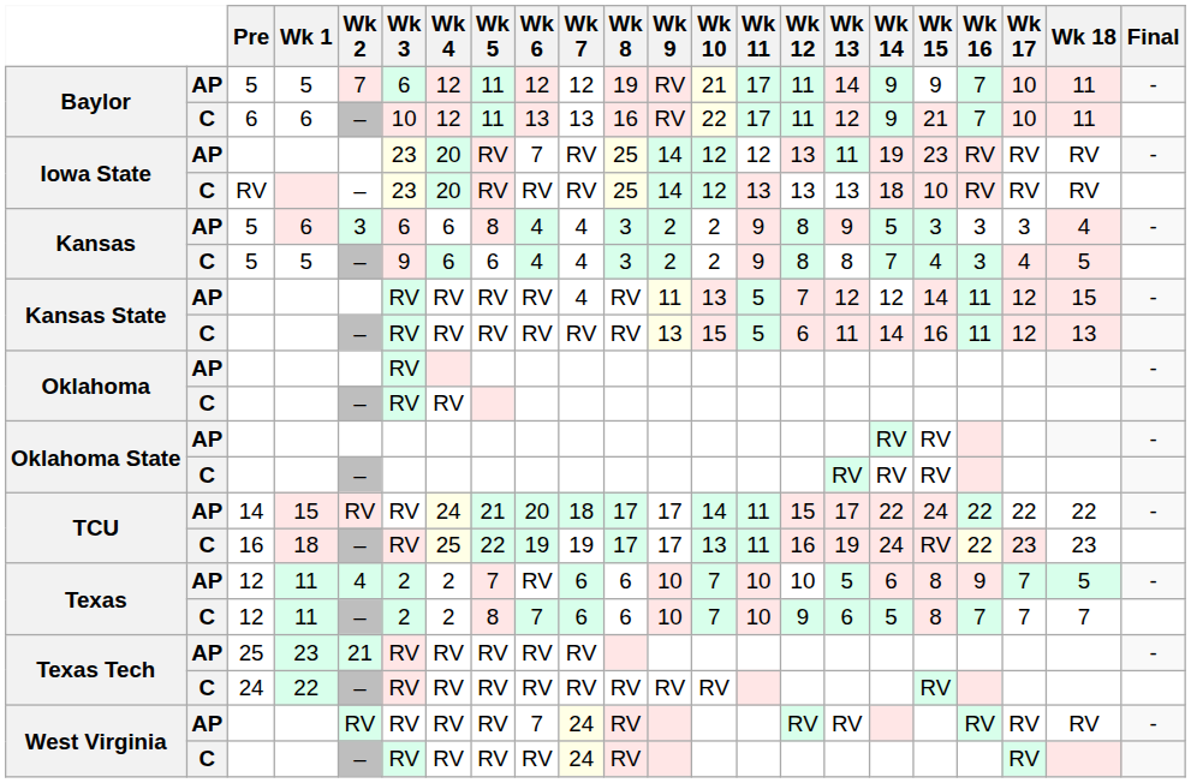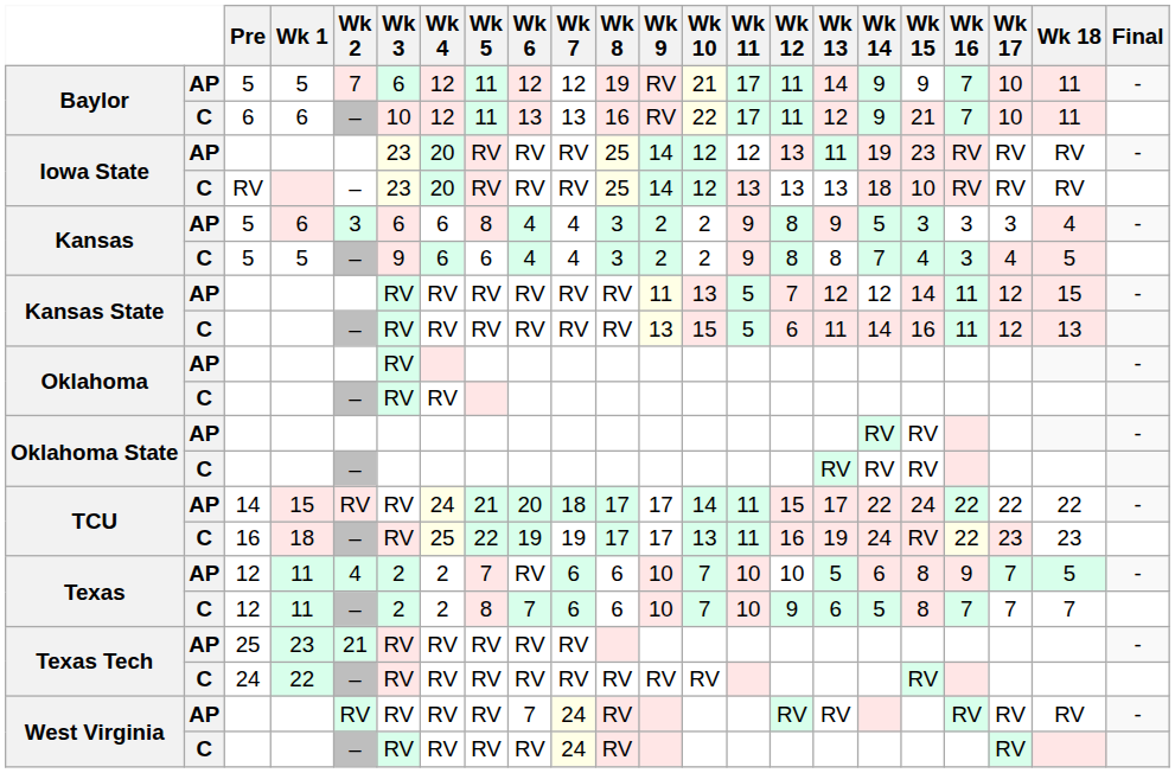 <table class="wikitable" style="white-space:nowrap;font-size:90%;">
 <tr>
 <th colspan="2" style="background:white; border-top-style:hidden; border-left-style:hidden;"> </th>
 <th>Pre</th>
 <th>Wk 1</th>
 <th>Wk<br>2</th>
 <th>Wk<br>3</th>
 <th>Wk<br>4</th>
 <th>Wk<br>5</th>
 <th>Wk<br>6</th>
 <th>Wk<br>7</th>
 <th>Wk<br>8</th>
 <th>Wk<br>9</th>
 <th>Wk<br>10</th>
 <th>Wk<br>11</th>
 <th>Wk<br>12</th>
 <th>Wk<br>13</th>
 <th>Wk<br>14</th>
 <th>Wk<br>15</th>
 <th>Wk<br>16</th>
 <th>Wk<br>17</th>
 <th>Wk 18</th>
 <th>Final</th>
 </tr>
 <tr style="text-align:center;">
 <th rowspan="2">Baylor</th>
 <th>AP</th>
 <td style="background:#FFF;">5</td>
 <td style="background:#FFF;">5</td>
 <td style="background:#FFE6E6;">7</td>
 <td style="background:#D8FFEB;">6</td>
 <td style="background:#FFE6E6;">12</td>
 <td style="background:#D8FFEB;">11</td>
 <td style="background:#FFE6E6;">12</td>
 <td style="background:#FFF;">12</td>
 <td style="background:#FFE6E6;">19</td>
 <td style="background:#FFE6E6;">RV</td>
 <td style="background:#FFFFE6;">21</td>
 <td style="background:#D8FFEB;">17</td>
 <td style="background:#D8FFEB;">11</td>
 <td style="background:#FFE6E6;">14</td>
 <td style="background:#D8FFEB;">9</td>
 <td style="background:#FFF;">9</td>
 <td style="background:#D8FFEB;">7</td>
 <td style="background:#FFE6E6;">10</td>
 <td style="background:#FFE6E6;">11</td>
 <td>-</td>
 </tr>
 <tr style="text-align:center;">
 <th>C</th>
 <td style="background:#FFF;">6</td>
 <td style="background:#FFF;">6</td>
 <td style="background:#BEBEBE;">–</td>
 <td style="background:#FFE6E6;">10</td>
 <td style="background:#FFE6E6;">12</td>
 <td style="background:#D8FFEB;">11</td>
 <td style="background:#FFE6E6;">13</td>
 <td style="background:#FFF;">13</td>
 <td style="background:#FFE6E6;">16</td>
 <td style="background:#FFE6E6;">RV</td>
 <td style="background:#FFFFE6;">22</td>
 <td style="background:#D8FFEB;">17</td>
 <td style="background:#D8FFEB;">11</td>
 <td style="background:#FFE6E6;">12</td>
 <td style="background:#D8FFEB;">9</td>
 <td style="background:#FFE6E6;">21</td>
 <td style="background:#D8FFEB;">7</td>
 <td style="background:#FFE6E6;">10</td>
 <td style="background:#FFE6E6;">11</td>
 <td style="background:#FFF;"></td>
 </tr>
 <tr style="text-align:center;">
 <th rowspan="2">Iowa State</th>
 <th>AP</th>
 <td style="background:#FFF;"></td>
 <td style="background:#FFF;"></td>
 <td style="background:#FFF;"></td>
 <td style="background:#FFFFE6;">23</td>
 <td style="background:#D8FFEB;">20</td>
 <td style="background:#FFE6E6;">RV</td>
-<td style="background:#FFF;">7</td>
+<td style="background:#FFF;">RV</td>
 <td style="background:#FFF;">RV</td>
 <td style="background:#FFFFE6;">25</td>
 <td style="background:#D8FFEB;">14</td>
 <td style="background:#D8FFEB;">12</td>
 <td style="background:#FFF;">12</td>
 <td style="background:#FFE6E6;">13</td>
 <td style="background:#D8FFEB;">11</td>
 <td style="background:#FFE6E6;">19</td>
 <td style="background:#FFE6E6;">23</td>
 <td style="background:#FFE6E6;">RV</td>
 <td style="background:#FFF;">RV</td>
 <td style="background:#FFF;">RV</td>
 <td>-</td>
 </tr>
 <tr style="text-align:center;">
 <th>C</th>
 <td style="background:#FFF;">RV</td>
 <td style="background:#FFE6E6;"></td>
 <td style="background:#FFF;">–</td>
 <td style="background:#FFFFE6;">23</td>
 <td style="background:#D8FFEB;">20</td>
 <td style="background:#FFE6E6;">RV</td>
 <td style="background:#FFF;">RV</td>
 <td style="background:#FFF;">RV</td>
 <td style="background:#FFFFE6;">25</td>
 <td style="background:#D8FFEB;">14</td>
 <td style="background:#D8FFEB;">12</td>
 <td style="background:#FFE6E6;">13</td>
 <td style="background:#FFF;">13</td>
 <td style="background:#FFF;">13</td>
 <td style="background:#FFE6E6;">18</td>
 <td style="background:#FFE6E6;">10</td>
 <td style="background:#FFE6E6;">RV</td>
 <td style="background:#FFF;">RV</td>
 <td style="background:#FFF;">RV</td>
 <td style="background:#FFF;"></td>
 </tr>
 <tr style="text-align:center;">
 <th rowspan="2">Kansas</th>
 <th>AP</th>
 <td style="background:#FFF;">5</td>
 <td style="background:#FFE6E6;">6</td>
 <td style="background:#D8FFEB;">3</td>
 <td style="background:#FFE6E6;">6</td>
 <td style="background:#FFF;">6</td>
 <td style="background:#FFE6E6;">8</td>
 <td style="background:#D8FFEB;">4</td>
 <td style="background:#FFF;">4</td>
 <td style="background:#D8FFEB;">3</td>
 <td style="background:#D8FFEB;">2</td>
 <td style="background:#FFF;">2</td>
 <td style="background:#FFE6E6;">9</td>
 <td style="background:#D8FFEB;">8</td>
 <td style="background:#FFE6E6;">9</td>
 <td style="background:#D8FFEB;">5</td>
 <td style="background:#D8FFEB;">3</td>
 <td style="background:#FFF;">3</td>
 <td style="background:#FFF;">3</td>
 <td style="background:#FFE6E6;">4</td>
 <td>-</td>
 </tr>
 <tr style="text-align:center;">
 <th>C</th>
 <td style="background:#FFF;">5</td>
 <td style="background:#FFF;">5</td>
 <td style="background:#BEBEBE;">–</td>
 <td style="background:#FFE6E6;">9</td>
 <td style="background:#D8FFEB;">6</td>
 <td style="background:#FFF;">6</td>
 <td style="background:#D8FFEB;">4</td>
 <td style="background:#FFF;">4</td>
 <td style="background:#D8FFEB;">3</td>
 <td style="background:#D8FFEB;">2</td>
 <td style="background:#FFF;">2</td>
 <td style="background:#FFE6E6;">9</td>
 <td style="background:#D8FFEB;">8</td>
 <td style="background:#FFF;">8</td>
 <td style="background:#D8FFEB;">7</td>
 <td style="background:#D8FFEB;">4</td>
 <td style="background:#D8FFEB;">3</td>
 <td style="background:#FFE6E6;">4</td>
 <td style="background:#FFE6E6;">5</td>
 <td style="background:#FFF;"></td>
 </tr>
 <tr style="text-align:center;">
 <th rowspan="2">Kansas State</th>
 <th>AP</th>
 <td style="background:#FFF;"></td>
 <td style="background:#FFF;"></td>
 <td style="background:#FFF;"></td>
 <td style="background:#D8FFEB;">RV</td>
 <td style="background:#FFF;">RV</td>
 <td style="background:#FFF;">RV</td>
 <td style="background:#FFF;">RV</td>
-<td style="background:#FFF;">4</td>
+<td style="background:#FFF;">RV</td>
 <td style="background:#FFF;">RV</td>
 <td style="background:#FFFFE6;">11</td>
 <td style="background:#FFE6E6;">13</td>
 <td style="background:#D8FFEB;">5</td>
 <td style="background:#FFE6E6;">7</td>
 <td style="background:#FFE6E6;">12</td>
 <td style="background:#FFF;">12</td>
 <td style="background:#FFE6E6;">14</td>
 <td style="background:#D8FFEB;">11</td>
 <td style="background:#FFE6E6;">12</td>
 <td style="background:#FFE6E6;">15</td>
 <td>-</td>
 </tr>
 <tr style="text-align:center;">
 <th>C</th>
 <td style="background:#FFF;"></td>
 <td style="background:#FFF;"></td>
 <td style="background:#BEBEBE;">–</td>
 <td style="background:#D8FFEB;">RV</td>
 <td style="background:#FFF;">RV</td>
 <td style="background:#FFF;">RV</td>
 <td style="background:#FFF;">RV</td>
 <td style="background:#FFF;">RV</td>
 <td style="background:#FFF;">RV</td>
 <td style="background:#FFFFE6;">13</td>
 <td style="background:#FFE6E6;">15</td>
 <td style="background:#D8FFEB;">5</td>
 <td style="background:#FFE6E6;">6</td>
 <td style="background:#FFE6E6;">11</td>
 <td style="background:#FFE6E6;">14</td>
 <td style="background:#FFE6E6;">16</td>
 <td style="background:#D8FFEB;">11</td>
 <td style="background:#FFE6E6;">12</td>
 <td style="background:#FFE6E6;">13</td>
 <td></td>
 </tr>
 <tr style="text-align:center;">
 <th rowspan="2">Oklahoma</th>
 <th>AP</th>
 <td style="background:#FFF;"></td>
 <td style="background:#FFF;"></td>
 <td style="background:#FFF;"></td>
 <td style="background:#D8FFEB;">RV</td>
 <td style="background:#FFE6E6;"></td>
 <td style="background:#FFF;"></td>
 <td style="background:#FFF;"></td>
 <td style="background:#FFF;"></td>
 <td style="background:#FFF;"></td>
 <td style="background:#FFF;"></td>
 <td style="background:#FFF;"></td>
 <td style="background:#FFF;"></td>
 <td style="background:#FFF;"></td>
 <td style="background:#FFF;"></td>
 <td style="background:#FFF;"></td>
 <td style="background:#FFF;"></td>
 <td style="background:#FFF;"></td>
 <td style="background:#FFF;"></td>
 <td></td>
 <td>-</td>
 </tr>
 <tr style="text-align:center;">
 <th>C</th>
 <td style="background:#FFF;"></td>
 <td style="background:#FFF;"></td>
 <td style="background:#BEBEBE;">–</td>
 <td style="background:#D8FFEB;">RV</td>
 <td style="background:#FFF;">RV</td>
 <td style="background:#FFE6E6;"></td>
 <td style="background:#FFF;"></td>
 <td style="background:#FFF;"></td>
 <td style="background:#FFF;"></td>
 <td style="background:#FFF;"></td>
 <td style="background:#FFF;"></td>
 <td style="background:#FFF;"></td>
 <td style="background:#FFF;"></td>
 <td style="background:#FFF;"></td>
 <td style="background:#FFF;"></td>
 <td style="background:#FFF;"></td>
 <td style="background:#FFF;"></td>
 <td style="background:#FFF;"></td>
 <td style="background:#FFF;"></td>
 <td></td>
 </tr>
 <tr style="text-align:center;">
 <th rowspan="2">Oklahoma State</th>
 <th>AP</th>
 <td style="background:#FFF;"></td>
 <td style="background:#FFF;"></td>
 <td style="background:#FFF;"></td>
 <td style="background:#FFF;"></td>
 <td style="background:#FFF;"></td>
 <td style="background:#FFF;"></td>
 <td style="background:#FFF;"></td>
 <td style="background:#FFF;"></td>
 <td style="background:#FFF;"></td>
 <td style="background:#FFF;"></td>
 <td style="background:#FFF;"></td>
 <td style="background:#FFF;"></td>
 <td style="background:#FFF;"></td>
 <td style="background:#FFF;"></td>
 <td style="background:#D8FFEB;">RV</td>
 <td style="background:#FFF;">RV</td>
 <td style="background:#FFE6E6;"></td>
 <td style="background:#FFF;"></td>
 <td></td>
 <td>-</td>
 </tr>
 <tr style="text-align:center;">
 <th>C</th>
 <td style="background:#FFF;"></td>
 <td style="background:#FFF;"></td>
 <td style="background:#BEBEBE;">–</td>
 <td style="background:#FFF;"></td>
 <td style="background:#FFF;"></td>
 <td style="background:#FFF;"></td>
 <td style="background:#FFF;"></td>
 <td style="background:#FFF;"></td>
 <td style="background:#FFF;"></td>
 <td style="background:#FFF;"></td>
 <td style="background:#FFF;"></td>
 <td style="background:#FFF;"></td>
 <td style="background:#FFF;"></td>
 <td style="background:#D8FFEB;">RV</td>
 <td style="background:#FFF;">RV</td>
 <td style="background:#FFF;">RV</td>
 <td style="background:#FFE6E6;"></td>
 <td style="background:#FFF;"></td>
 <td style="background:#FFF;"></td>
 <td></td>
 </tr>
 <tr style="text-align:center;">
 <th rowspan="2">TCU</th>
 <th>AP</th>
 <td style="background:#FFF;">14</td>
 <td style="background:#FFE6E6;">15</td>
 <td style="background:#FFE6E6;">RV</td>
 <td style="background:#FFF;">RV</td>
 <td style="background:#FFFFE6;">24</td>
 <td style="background:#D8FFEB;">21</td>
 <td style="background:#D8FFEB;">20</td>
 <td style="background:#D8FFEB;">18</td>
 <td style="background:#D8FFEB;">17</td>
 <td style="background:#FFF;">17</td>
 <td style="background:#D8FFEB;">14</td>
 <td style="background:#D8FFEB;">11</td>
 <td style="background:#FFE6E6;">15</td>
 <td style="background:#FFE6E6;">17</td>
 <td style="background:#FFE6E6;">22</td>
 <td style="background:#FFE6E6;">24</td>
 <td style="background:#D8FFEB;">22</td>
 <td style="background:#FFF;">22</td>
 <td style="background:#FFF;">22</td>
 <td>-</td>
 </tr>
 <tr style="text-align:center;">
 <th>C</th>
 <td style="background:#FFF;">16</td>
 <td style="background:#FFE6E6;">18</td>
 <td style="background:#BEBEBE;">–</td>
 <td style="background:#FFE6E6;">RV</td>
 <td style="background:#FFFFE6;">25</td>
 <td style="background:#D8FFEB;">22</td>
 <td style="background:#D8FFEB;">19</td>
 <td style="background:#FFF;">19</td>
 <td style="background:#D8FFEB;">17</td>
 <td style="background:#FFF;">17</td>
 <td style="background:#D8FFEB;">13</td>
 <td style="background:#D8FFEB;">11</td>
 <td style="background:#FFE6E6;">16</td>
 <td style="background:#FFE6E6;">19</td>
 <td style="background:#FFE6E6;">24</td>
 <td style="background:#FFE6E6;">RV</td>
 <td style="background:#FFFFE6;">22</td>
 <td style="background:#FFE6E6;">23</td>
 <td style="background:#FFF;">23</td>
 <td style="background:#FFF;"></td>
 </tr>
 <tr style="text-align:center;">
 <th rowspan="2">Texas</th>
 <th>AP</th>
 <td style="background:#FFF;">12</td>
 <td style="background:#D8FFEB;">11</td>
 <td style="background:#D8FFEB;">4</td>
 <td style="background:#D8FFEB;">2</td>
 <td style="background:#FFF;">2</td>
 <td style="background:#FFE6E6;">7</td>
 <td style="background:#FFF;">RV</td>
 <td style="background:#D8FFEB;">6</td>
 <td style="background:#FFF;">6</td>
 <td style="background:#FFE6E6;">10</td>
 <td style="background:#D8FFEB;">7</td>
 <td style="background:#FFE6E6;">10</td>
 <td style="background:#FFF;">10</td>
 <td style="background:#D8FFEB;">5</td>
 <td style="background:#FFE6E6;">6</td>
 <td style="background:#FFE6E6;">8</td>
 <td style="background:#FFE6E6;">9</td>
 <td style="background:#D8FFEB;">7</td>
 <td style="background:#D8FFEB;">5</td>
 <td>-</td>
 </tr>
 <tr style="text-align:center;">
 <th>C</th>
 <td style="background:#FFF;">12</td>
 <td style="background:#D8FFEB;">11</td>
 <td style="background:#BEBEBE;">–</td>
 <td style="background:#D8FFEB;">2</td>
 <td style="background:#FFF;">2</td>
 <td style="background:#FFE6E6;">8</td>
 <td style="background:#D8FFEB;">7</td>
 <td style="background:#D8FFEB;">6</td>
 <td style="background:#FFF;">6</td>
 <td style="background:#FFE6E6;">10</td>
 <td style="background:#D8FFEB;">7</td>
 <td style="background:#FFE6E6;">10</td>
 <td style="background:#D8FFEB;">9</td>
 <td style="background:#D8FFEB;">6</td>
 <td style="background:#D8FFEB;">5</td>
 <td style="background:#FFE6E6;">8</td>
 <td style="background:#D8FFEB;">7</td>
 <td style="background:#FFF;">7</td>
 <td style="background:#FFF;">7</td>
 <td style="background:#FFF;"></td>
 </tr>
 <tr style="text-align:center;">
 <th rowspan="2">Texas Tech</th>
 <th>AP</th>
 <td style="background:#FFF;">25</td>
 <td style="background:#D8FFEB;">23</td>
 <td style="background:#D8FFEB;">21</td>
 <td style="background:#FFE6E6;">RV</td>
 <td style="background:#FFF;">RV</td>
 <td style="background:#FFF;">RV</td>
 <td style="background:#FFF;">RV</td>
 <td style="background:#FFF;">RV</td>
 <td style="background:#FFE6E6;"></td>
 <td style="background:#FFF;"></td>
 <td style="background:#FFF;"></td>
 <td style="background:#FFF;"></td>
 <td style="background:#FFF;"></td>
 <td style="background:#FFF;"></td>
 <td style="background:#FFF;"></td>
 <td style="background:#FFF;"></td>
 <td style="background:#FFF;"></td>
 <td style="background:#FFF;"></td>
 <td style="background:#FFF;"></td>
 <td>-</td>
 </tr>
 <tr style="text-align:center;">
 <th>C</th>
 <td style="background:#FFF;">24</td>
 <td style="background:#D8FFEB;">22</td>
 <td style="background:#BEBEBE;">–</td>
 <td style="background:#FFE6E6;">RV</td>
 <td style="background:#FFF;">RV</td>
 <td style="background:#FFF;">RV</td>
 <td style="background:#FFF;">RV</td>
 <td style="background:#FFF;">RV</td>
 <td style="background:#FFF;">RV</td>
 <td style="background:#FFF;">RV</td>
 <td style="background:#FFF;">RV</td>
 <td style="background:#FFE6E6;"></td>
 <td style="background:#FFF;"></td>
 <td style="background:#FFF;"></td>
 <td style="background:#FFF;"></td>
 <td style="background:#D8FFEB;">RV</td>
 <td style="background:#FFE6E6;"></td>
 <td style="background:#FFF;"></td>
 <td style="background:#FFF;"></td>
 <td style="background:#FFF;"></td>
 </tr>
 <tr style="text-align:center;">
 <th rowspan="2">West Virginia</th>
 <th>AP</th>
 <td style="background:#FFF;"></td>
 <td style="background:#FFF;"></td>
 <td style="background:#D8FFEB;">RV</td>
 <td style="background:#FFF;">RV</td>
 <td style="background:#FFF;">RV</td>
 <td style="background:#FFF;">RV</td>
 <td style="background:#FFF;">7</td>
 <td style="background:#FFFFE6;">24</td>
 <td style="background:#FFE6E6;">RV</td>
 <td style="background:#FFE6E6;"></td>
 <td style="background:#FFF;"></td>
 <td style="background:#FFF;"></td>
 <td style="background:#D8FFEB;">RV</td>
 <td style="background:#FFF;">RV</td>
 <td style="background:#FFE6E6;"></td>
 <td style="background:#FFF;"></td>
 <td style="background:#D8FFEB;">RV</td>
 <td style="background:#FFF;">RV</td>
 <td style="background:#FFF;">RV</td>
 <td>-</td>
 </tr>
 <tr style="text-align:center;">
 <th>C</th>
 <td style="background:#FFF;"></td>
 <td style="background:#FFF;"></td>
 <td style="background:#BEBEBE;">–</td>
 <td style="background:#D8FFEB;">RV</td>
 <td style="background:#FFF;">RV</td>
 <td style="background:#FFF;">RV</td>
 <td style="background:#FFF;">RV</td>
 <td style="background:#FFFFE6;">24</td>
 <td style="background:#FFE6E6;">RV</td>
 <td style="background:#FFE6E6;"></td>
 <td style="background:#FFF;"></td>
 <td style="background:#FFF;"></td>
 <td style="background:#FFF;"></td>
 <td style="background:#FFF;"></td>
 <td style="background:#FFF;"></td>
 <td style="background:#FFF;"></td>
 <td style="background:#FFF;"></td>
 <td style="background:#D8FFEB;">RV</td>
 <td style="background:#FFE6E6;"></td>
 <td></td>
 </tr>
 </table>
